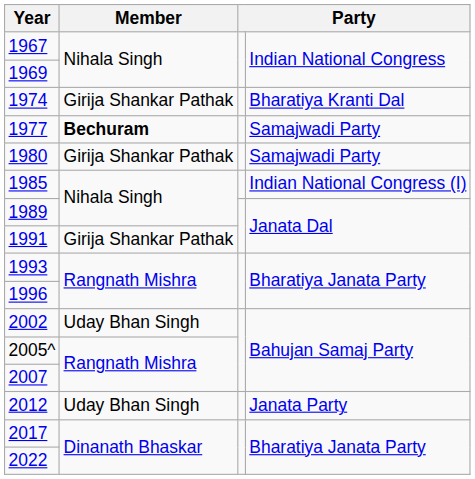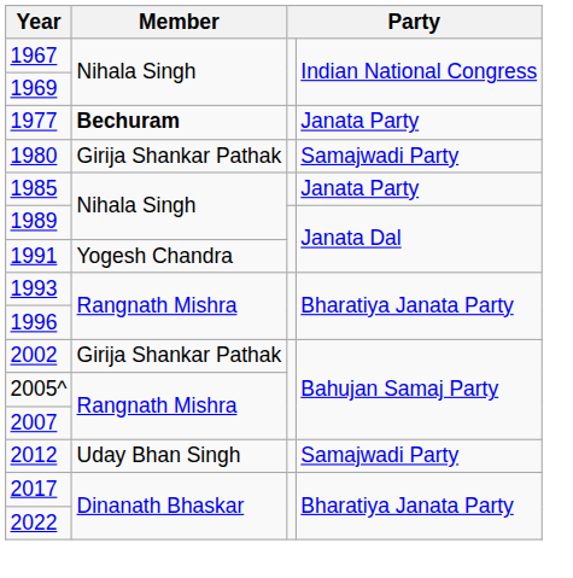 <table class="wikitable">
 <tr>
 <th>Year</th>
 <th>Member</th>
 <th colspan="2">Party</th>
 </tr>
 <tr>
 <td><a href='#'>1967</a></td>
 <td rowspan="2">Nihala Singh</td>
 <td rowspan="2" style="background-color: "></td>
 <td rowspan="2"><a href='#'>Indian National Congress</a></td>
 </tr>
 <tr>
 <td><a href='#'>1969</a></td>
 </tr>
 <tr>
-<td><a href='#'>1974</a></td>
-<td>Girija Shankar Pathak</td>
-<td style="background-color: "></td>
-<td><a href='#'>Bharatiya Kranti Dal</a></td>
-</tr>
-<tr>
 <td><a href='#'>1977</a></td>
 <td><strong>Bechuram</strong></td>
 <td style="background-color: "></td>
-<td><a href='#'>Samajwadi Party</a></td>
+<td><a href='#'>Janata Party</a></td>
 </tr>
 <tr>
 <td><a href='#'>1980</a></td>
 <td>Girija Shankar Pathak</td>
 <td style="background-color: "></td>
 <td><a href='#'>Samajwadi Party</a></td>
 </tr>
 <tr>
 <td><a href='#'>1985</a></td>
 <td rowspan="2">Nihala Singh</td>
 <td style="background-color: "></td>
-<td><a href='#'>Indian National Congress (I)</a></td>
+<td><a href='#'>Janata Party</a></td>
 </tr>
 <tr>
 <td><a href='#'>1989</a></td>
 <td rowspan="2" style="background-color: "></td>
 <td rowspan="2"><a href='#'>Janata Dal</a></td>
 </tr>
 <tr>
 <td><a href='#'>1991</a></td>
-<td>Girija Shankar Pathak</td>
+<td>Yogesh Chandra</td>
 </tr>
 <tr>
 <td><a href='#'>1993</a></td>
 <td rowspan="2"><a href='#'>Rangnath Mishra</a></td>
 <td rowspan="2" style="background-color: "></td>
 <td rowspan="2"><a href='#'>Bharatiya Janata Party</a></td>
 </tr>
 <tr>
 <td><a href='#'>1996</a></td>
 </tr>
 <tr>
 <td><a href='#'>2002</a></td>
-<td>Uday Bhan Singh</td>
+<td>Girija Shankar Pathak</td>
 <td rowspan="3" style="background-color: "></td>
 <td rowspan="3"><a href='#'>Bahujan Samaj Party</a></td>
 </tr>
 <tr>
 <td>2005^</td>
 <td rowspan="2"><a href='#'>Rangnath Mishra</a></td>
 </tr>
 <tr>
 <td><a href='#'>2007</a></td>
 </tr>
 <tr>
 <td><a href='#'>2012</a></td>
 <td>Uday Bhan Singh</td>
 <td style="background-color: "></td>
-<td><a href='#'>Janata Party</a></td>
+<td><a href='#'>Samajwadi Party</a></td>
 </tr>
 <tr>
 <td><a href='#'>2017</a></td>
 <td rowspan="2"><a href='#'>Dinanath Bhaskar</a></td>
 <td rowspan="2" style="background-color: "></td>
 <td rowspan="2"><a href='#'>Bharatiya Janata Party</a></td>
 </tr>
 <tr>
 <td><a href='#'>2022</a></td>
 </tr>
 </table>
